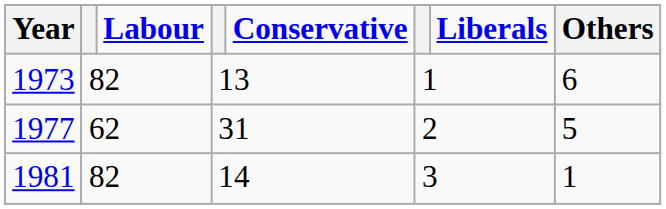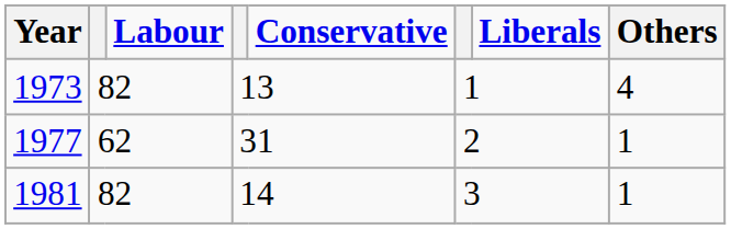 <table class="wikitable">
 <tr>
 <th>Year</th>
 <th style="background-color: "></th>
 <td><strong><a href='#'>Labour</a></strong></td>
 <th style="background-color: "></th>
 <td><strong><a href='#'>Conservative</a></strong></td>
 <th style="background-color: "></th>
 <td><strong><a href='#'>Liberals</a></strong></td>
 <th>Others</th>
 </tr>
 <tr>
 <td><a href='#'>1973</a></td>
 <td colspan=2>82</td>
 <td colspan=2>13</td>
 <td colspan=2>1</td>
-<td>6</td>
+<td>4</td>
 </tr>
 <tr>
 <td><a href='#'>1977</a></td>
 <td colspan=2>62</td>
 <td colspan=2>31</td>
 <td colspan=2>2</td>
-<td>5</td>
+<td>1</td>
 </tr>
 <tr>
 <td><a href='#'>1981</a></td>
 <td colspan=2>82</td>
 <td colspan=2>14</td>
 <td colspan=2>3</td>
 <td>1</td>
 </tr>
 </table>
